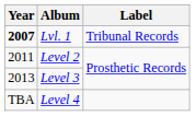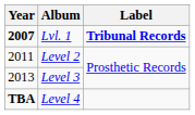 <table class=wikitable>
 <tr>
 <th>Year</th>
 <th>Album</th>
 <th>Label</th>
 </tr>
 <tr>
 <td><strong>2007</strong></td>
 <td><em><a href='#'>Lvl. 1</a></em></td>
-<td><a href='#'>Tribunal Records</a></td>
+<td><strong><a href='#'>Tribunal Records</a></strong></td>
 </tr>
 <tr>
 <td>2011</td>
 <td><em><a href='#'>Level 2</a></em></td>
 <td rowspan=2><a href='#'>Prosthetic Records</a></td>
 </tr>
 <tr>
 <td>2013</td>
 <td><em><a href='#'>Level 3</a></em></td>
 </tr>
 <tr>
-<td>TBA</td>
+<td><strong>TBA</strong></td>
 <td><em><a href='#'>Level 4</a></em></td>
 </tr>
 </table>
